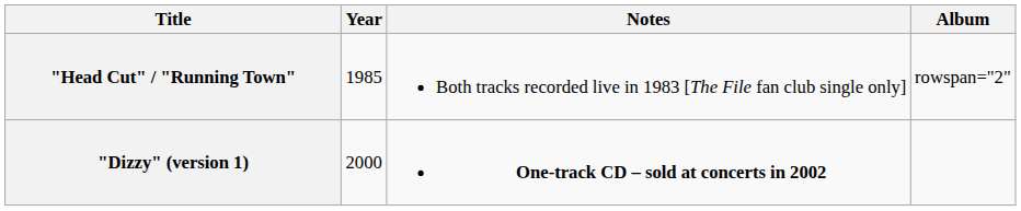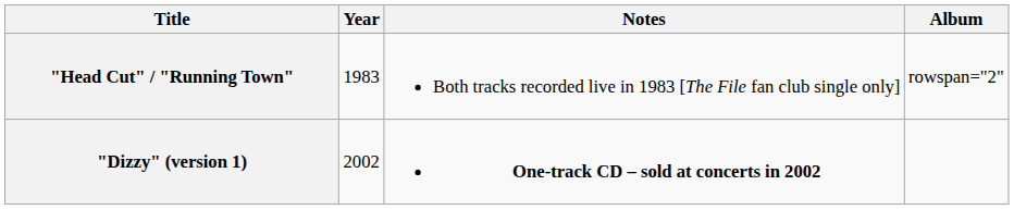 <table class="wikitable plainrowheaders" style="text-align:center;">
 <tr>
 <th scope="col" style="width:18em;">Title</th>
 <th scope="col">Year</th>
 <th>Notes</th>
 <th scope="col">Album</th>
 </tr>
 <tr>
 <th scope="row">"Head Cut" / "Running Town"</th>
-<td>1985</td>
+<td>1983</td>
 <td><br><ul><li>Both tracks recorded live in 1983 [<em>The File</em> fan club single only]</li></ul></td>
 <td>rowspan="2" </td>
 </tr>
 <tr>
 <th scope="row">"Dizzy" (version 1)</th>
-<td>2000</td>
+<td>2002</td>
 <td><strong><br><ul><li>One-track CD – sold at concerts in 2002</li></ul></strong></td>
 </tr>
 </table>
